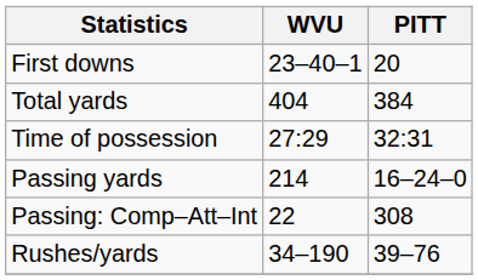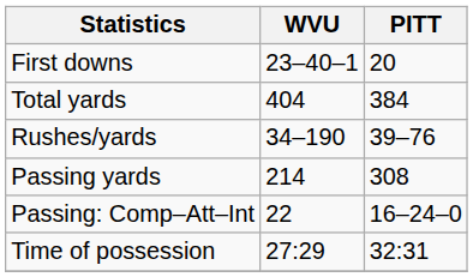 <table class="wikitable" style="float: left;">
 <tr>
 <th>Statistics</th>
 <th>WVU</th>
 <th>PITT</th>
 </tr>
 <tr>
 <td>First downs</td>
 <td>23–40–1</td>
 <td>20</td>
 </tr>
 <tr>
 <td>Total yards</td>
 <td>404</td>
 <td>384</td>
 </tr>
 <tr>
+<td>Rushes/yards</td>
+<td>34–190</td>
+<td>39–76</td>
+</tr>
+<tr>
+<td>Passing yards</td>
+<td>214</td>
+<td>308</td>
+</tr>
+<tr>
+<td>Passing: Comp–Att–Int</td>
+<td>22</td>
+<td>16–24–0</td>
+</tr>
+<tr>
 <td>Time of possession</td>
 <td>27:29</td>
 <td>32:31</td>
 </tr>
 <tr>
-<td>Passing yards</td>
-<td>214</td>
-<td>16–24–0</td>
-</tr>
-<tr>
-<td>Passing: Comp–Att–Int</td>
-<td>22</td>
-<td>308</td>
-</tr>
-<tr>
-<td>Rushes/yards</td>
-<td>34–190</td>
-<td>39–76</td>
-</tr>
-<tr>
 </tr>
 </table>
